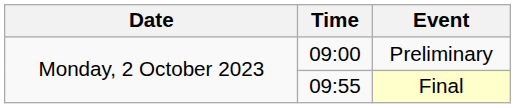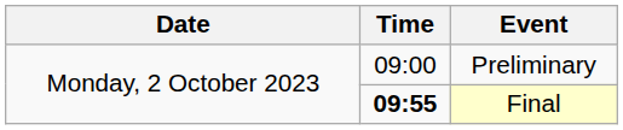 <table class = "wikitable" style="text-align:center;">
 <tr>
 <th width=220>Date</th>
 <th width=50>Time</th>
 <th width=100>Event</th>
 </tr>
 <tr>
 <td rowspan=2>Monday, 2 October 2023</td>
 <td>09:00</td>
 <td>Preliminary</td>
 </tr>
 <tr>
-<td>09:55</td>
+<td><strong>09:55</strong></td>
 <td bgcolor=ffffcc>Final</td>
 </tr>
 </table>
